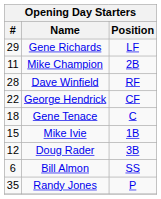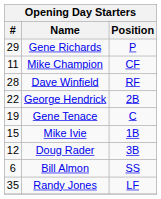 <table class="wikitable" style="text-align:center">
 <tr>
 <th colspan="3">Opening Day Starters</th>
 </tr>
 <tr>
 <th>#</th>
 <th>Name</th>
 <th>Position</th>
 </tr>
 <tr>
 <td>29</td>
 <td><a href='#'>Gene Richards</a></td>
-<td><a href='#'>LF</a></td>
+<td><a href='#'>P</a></td>
 </tr>
 <tr>
 <td>11</td>
 <td><a href='#'>Mike Champion</a></td>
-<td><a href='#'>2B</a></td>
+<td><a href='#'>CF</a></td>
 </tr>
 <tr>
 <td>28</td>
 <td><a href='#'>Dave Winfield</a></td>
 <td><a href='#'>RF</a></td>
 </tr>
 <tr>
 <td>22</td>
 <td><a href='#'>George Hendrick</a></td>
-<td><a href='#'>CF</a></td>
+<td><a href='#'>2B</a></td>
 </tr>
 <tr>
-<td>18</td>
+<td>19</td>
 <td><a href='#'>Gene Tenace</a></td>
 <td><a href='#'>C</a></td>
 </tr>
 <tr>
 <td>15</td>
 <td><a href='#'>Mike Ivie</a></td>
 <td><a href='#'>1B</a></td>
 </tr>
 <tr>
 <td>12</td>
 <td><a href='#'>Doug Rader</a></td>
 <td><a href='#'>3B</a></td>
 </tr>
 <tr>
 <td>6</td>
 <td><a href='#'>Bill Almon</a></td>
 <td><a href='#'>SS</a></td>
 </tr>
 <tr>
 <td>35</td>
 <td><a href='#'>Randy Jones</a></td>
-<td><a href='#'>P</a></td>
+<td><a href='#'>LF</a></td>
 </tr>
 <tr>
 </tr>
 </table>
